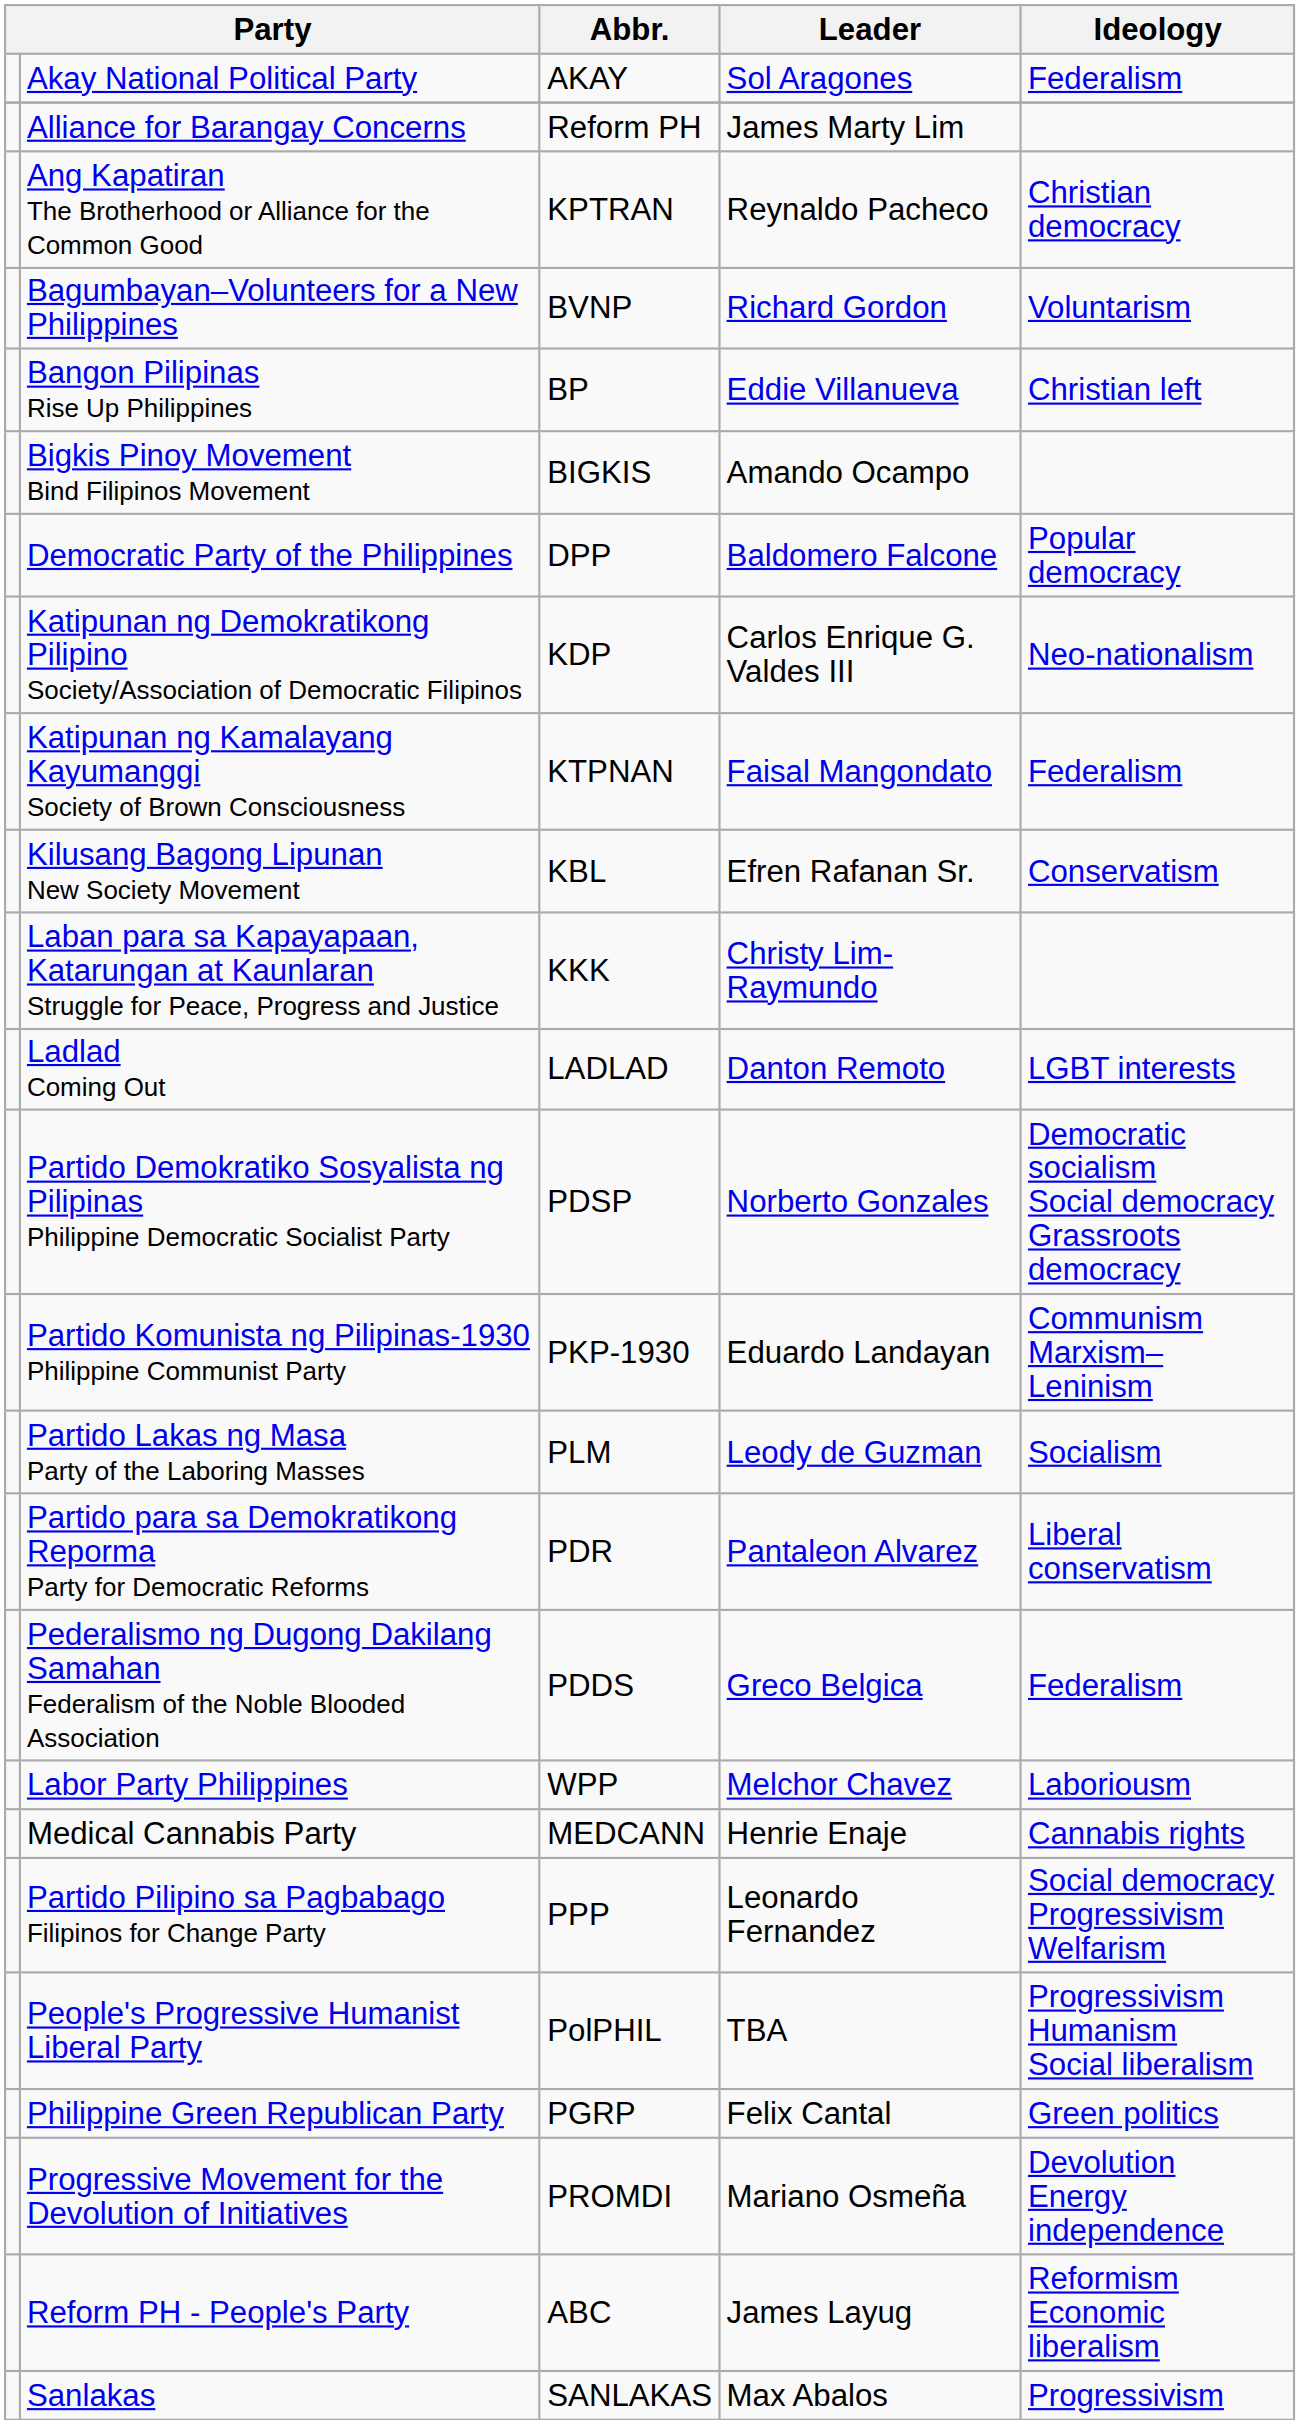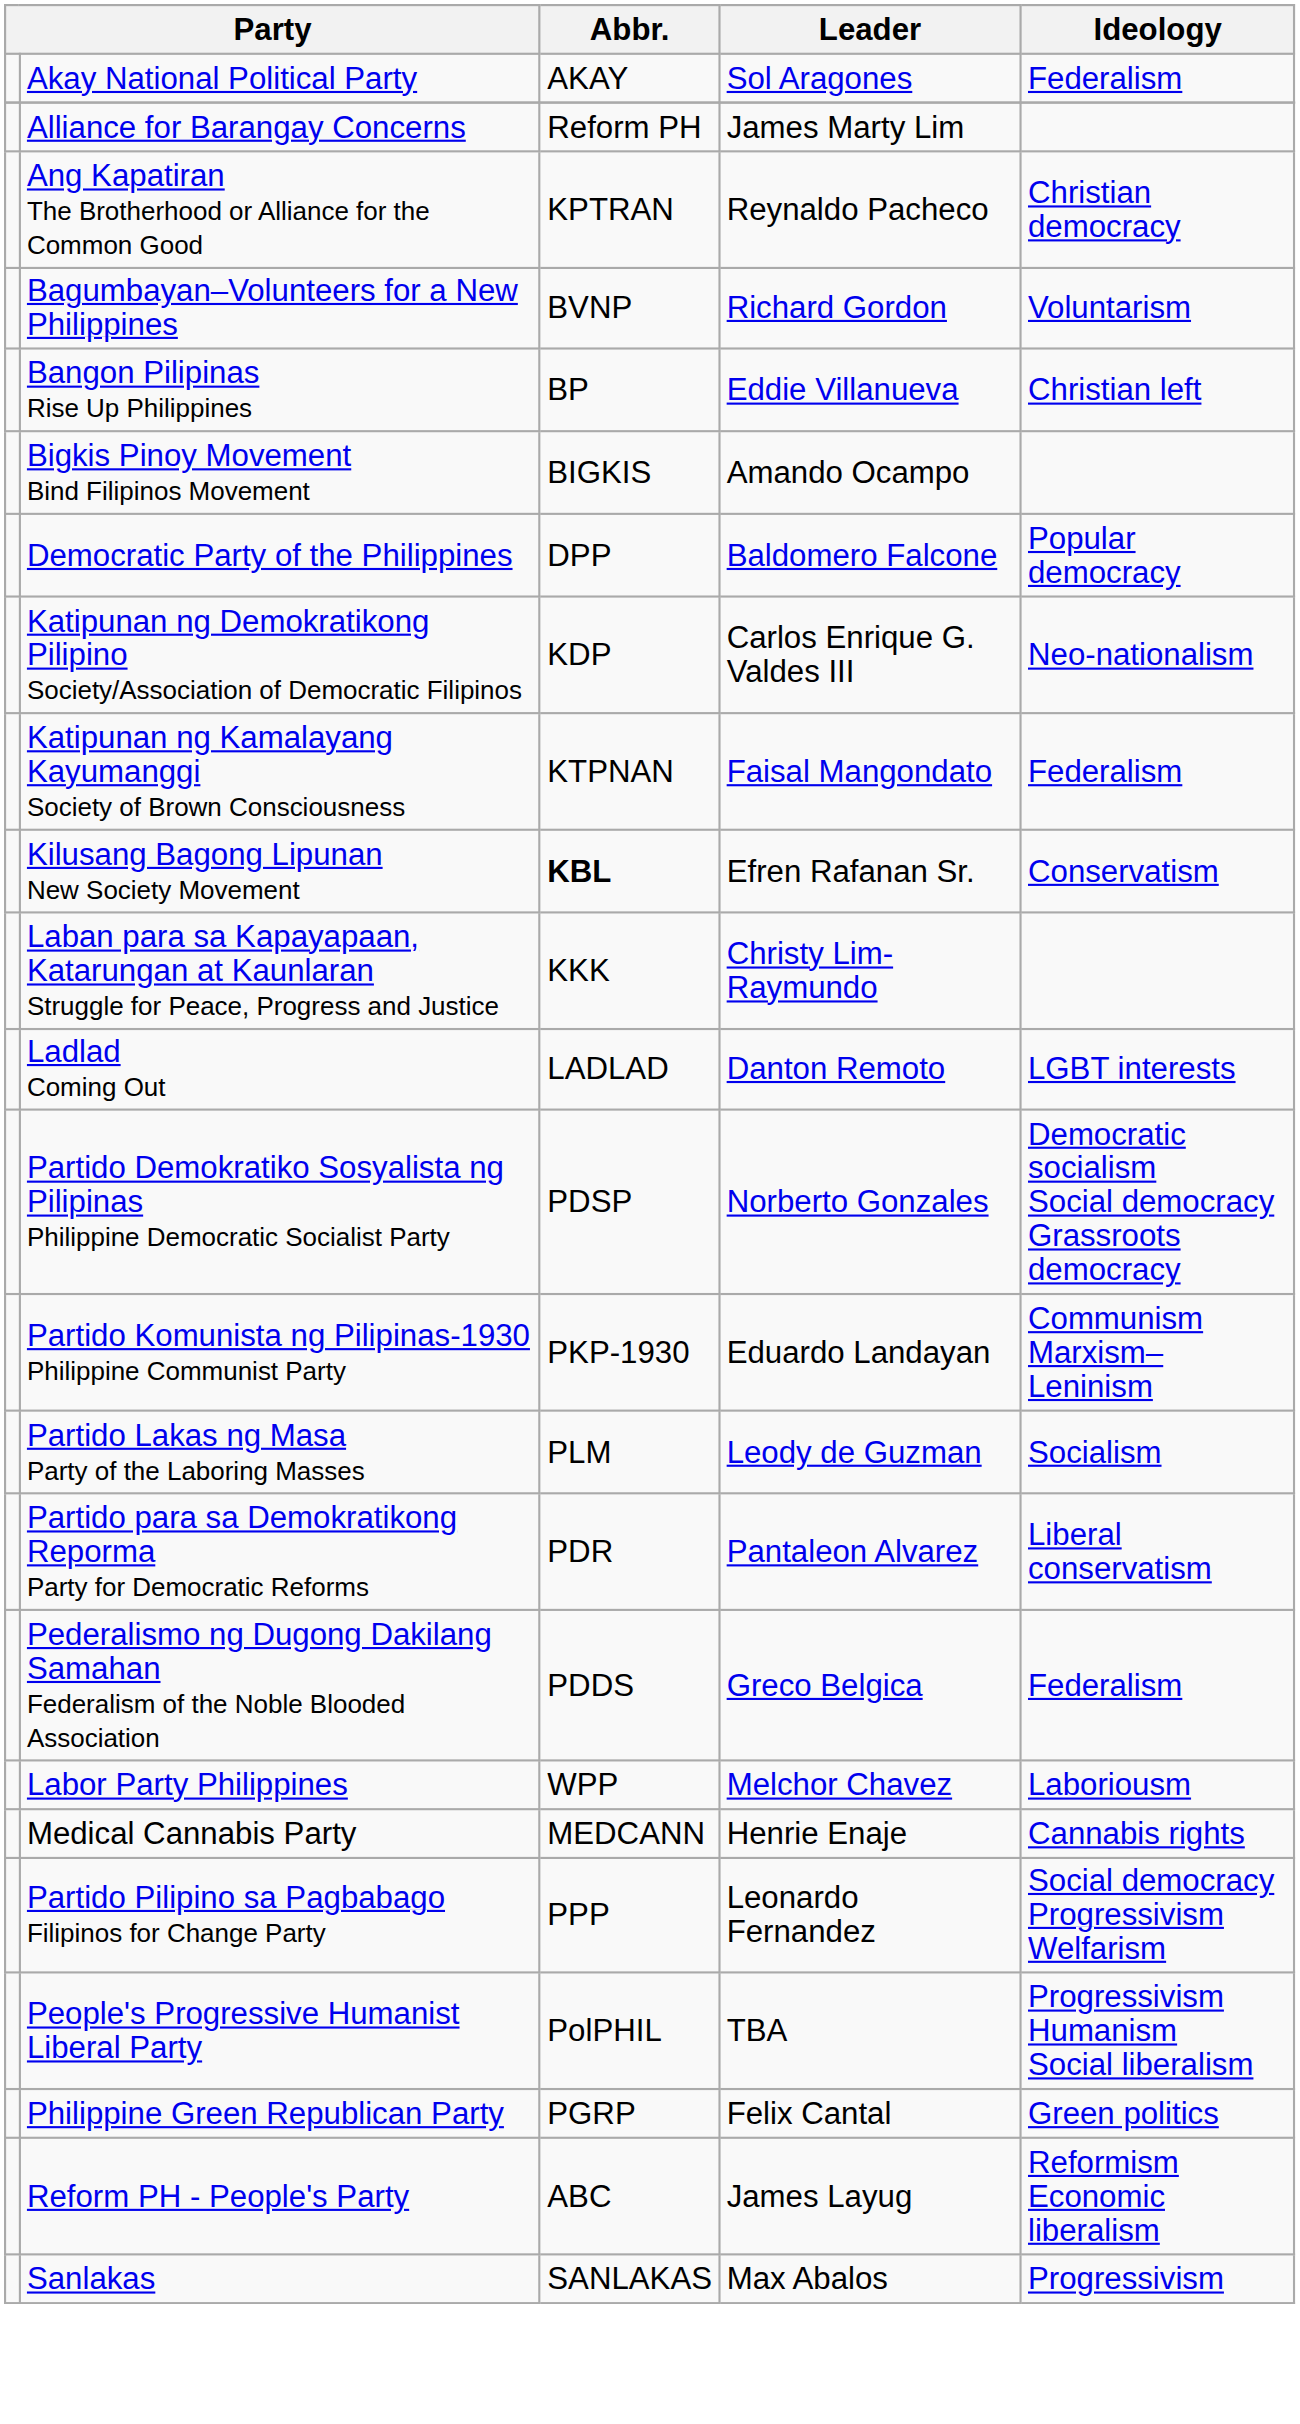 <table class="wikitable sortable" style="font-size:92%;">
 <tr bgcolor="#cccccc">
 <th colspan=2>Party</th>
 <th class="unsortable">Abbr.</th>
 <th>Leader</th>
 <th>Ideology</th>
 </tr>
 <tr>
 <td style="background:"></td>
 <td><a href='#'>Akay National Political Party</a></td>
 <td>AKAY</td>
 <td><a href='#'>Sol Aragones</a></td>
 <td><a href='#'>Federalism</a></td>
 </tr>
 <tr>
 </tr>
 <tr>
 <td style="background:"></td>
 <td><a href='#'>Alliance for Barangay Concerns</a></td>
 <td>Reform PH</td>
 <td>James Marty Lim</td>
 <td></td>
 </tr>
 <tr>
 <td style="background:"></td>
 <td><a href='#'>Ang Kapatiran</a><br><small>The Brotherhood or Alliance for the Common Good</small></td>
 <td>KPTRAN</td>
 <td>Reynaldo Pacheco</td>
 <td><a href='#'>Christian democracy</a></td>
 </tr>
 <tr>
 <td style="background:"></td>
 <td><a href='#'>Bagumbayan–Volunteers for a New Philippines</a></td>
 <td>BVNP</td>
 <td><a href='#'>Richard Gordon</a></td>
 <td><a href='#'>Voluntarism</a></td>
 </tr>
 <tr>
 <td style="background:"></td>
 <td><a href='#'>Bangon Pilipinas</a><br><small>Rise Up Philippines</small></td>
 <td>BP</td>
 <td><a href='#'>Eddie Villanueva</a></td>
 <td><a href='#'>Christian left</a></td>
 </tr>
 <tr>
 <td style="background:"></td>
 <td><a href='#'>Bigkis Pinoy Movement</a><br><small>Bind Filipinos Movement</small></td>
 <td>BIGKIS</td>
 <td>Amando Ocampo</td>
 <td></td>
 </tr>
 <tr>
 <td style="background:"></td>
 <td><a href='#'>Democratic Party of the Philippines</a></td>
 <td>DPP</td>
 <td><a href='#'>Baldomero Falcone</a></td>
 <td><a href='#'>Popular democracy</a></td>
 </tr>
 <tr>
 <td style="background:"></td>
 <td><a href='#'>Katipunan ng Demokratikong Pilipino</a><br><small>Society/Association of Democratic Filipinos</small></td>
 <td>KDP</td>
 <td>Carlos Enrique G. Valdes III</td>
 <td><a href='#'>Neo-nationalism</a></td>
 </tr>
 <tr>
 <td style="background:"></td>
 <td><a href='#'>Katipunan ng Kamalayang Kayumanggi</a><br><small>Society of Brown Consciousness</small></td>
 <td>KTPNAN</td>
 <td><a href='#'>Faisal Mangondato</a></td>
 <td><a href='#'>Federalism</a></td>
 </tr>
 <tr>
 <td style="background:"></td>
 <td><a href='#'>Kilusang Bagong Lipunan</a><br><small>New Society Movement</small></td>
-<td>KBL</td>
+<td><strong>KBL</strong></td>
 <td>Efren Rafanan Sr.</td>
 <td><a href='#'>Conservatism</a></td>
 </tr>
 <tr>
 <td style="background:"></td>
 <td><a href='#'>Laban para sa Kapayapaan, Katarungan at Kaunlaran</a><br><small>Struggle for Peace, Progress and Justice</small></td>
 <td>KKK</td>
 <td><a href='#'>Christy Lim-Raymundo</a></td>
 <td></td>
 </tr>
 <tr>
 <td style="background:"></td>
 <td><a href='#'>Ladlad</a><br><small>Coming Out</small></td>
 <td>LADLAD</td>
 <td><a href='#'>Danton Remoto</a></td>
 <td><a href='#'>LGBT interests</a></td>
 </tr>
 <tr>
 <td style="background:"></td>
 <td><a href='#'>Partido Demokratiko Sosyalista ng Pilipinas</a><br><small>Philippine Democratic Socialist Party</small></td>
 <td>PDSP</td>
 <td><a href='#'>Norberto Gonzales</a></td>
 <td><a href='#'>Democratic socialism</a><br><a href='#'>Social democracy</a><br><a href='#'>Grassroots democracy</a></td>
 </tr>
 <tr>
 <td style="background:"></td>
 <td><a href='#'>Partido Komunista ng Pilipinas-1930</a><br><small>Philippine Communist Party</small></td>
 <td>PKP-1930</td>
 <td>Eduardo Landayan</td>
 <td><a href='#'>Communism</a><br><a href='#'>Marxism–Leninism</a></td>
 </tr>
 <tr>
 <td style="background:"></td>
 <td><a href='#'>Partido Lakas ng Masa</a><br><small>Party of the Laboring Masses</small></td>
 <td>PLM</td>
 <td><a href='#'>Leody de Guzman</a></td>
 <td><a href='#'>Socialism</a></td>
 </tr>
 <tr>
 <td style="background:"></td>
 <td><a href='#'>Partido para sa Demokratikong Reporma</a><br><small>Party for Democratic Reforms</small></td>
 <td>PDR</td>
 <td><a href='#'>Pantaleon Alvarez</a></td>
 <td><a href='#'>Liberal conservatism</a></td>
 </tr>
 <tr>
 <td style="background:"></td>
 <td><a href='#'>Pederalismo ng Dugong Dakilang Samahan</a><br><small>Federalism of the Noble Blooded Association</small></td>
 <td>PDDS</td>
 <td><a href='#'>Greco Belgica</a></td>
 <td><a href='#'>Federalism</a></td>
 </tr>
 <tr>
 <td style="background:"></td>
 <td><a href='#'>Labor Party Philippines</a></td>
 <td>WPP</td>
 <td><a href='#'>Melchor Chavez</a></td>
 <td><a href='#'>Laboriousm</a></td>
 </tr>
 <tr>
 <td style="background:"></td>
 <td>Medical Cannabis Party</td>
 <td>MEDCANN</td>
 <td>Henrie Enaje</td>
 <td><a href='#'>Cannabis rights</a> <br></td>
 </tr>
 <tr>
 <td style="background:"></td>
 <td><a href='#'>Partido Pilipino sa Pagbabago</a> <br><small>Filipinos for Change Party</small></td>
 <td>PPP</td>
 <td>Leonardo Fernandez</td>
 <td><a href='#'>Social democracy</a><br><a href='#'>Progressivism</a><br><a href='#'>Welfarism</a></td>
 </tr>
 <tr>
 <td style="background:"></td>
 <td><a href='#'>People's Progressive Humanist Liberal Party</a></td>
 <td>PolPHIL</td>
 <td>TBA</td>
 <td><a href='#'>Progressivism</a> <br><a href='#'>Humanism</a> <br> <a href='#'>Social liberalism</a></td>
 </tr>
 <tr>
 <td style="background:"></td>
 <td><a href='#'>Philippine Green Republican Party</a></td>
 <td>PGRP</td>
 <td>Felix Cantal</td>
 <td><a href='#'>Green politics</a></td>
 </tr>
 <tr>
 <td style="background:"></td>
-<td><a href='#'>Progressive Movement for the Devolution of Initiatives</a></td>
-<td>PROMDI</td>
-<td>Mariano Osmeña</td>
-<td><a href='#'>Devolution</a> <br><a href='#'>Energy independence</a></td>
-</tr>
-<tr>
-<td style="background:"></td>
 <td><a href='#'>Reform PH - People's Party</a></td>
 <td>ABC</td>
 <td>James Layug</td>
 <td><a href='#'>Reformism</a><br><a href='#'>Economic liberalism</a></td>
 </tr>
 <tr>
 <td style="background:"></td>
 <td><a href='#'>Sanlakas</a></td>
 <td>SANLAKAS</td>
 <td>Max Abalos</td>
 <td><a href='#'>Progressivism</a></td>
 </tr>
 </table>
